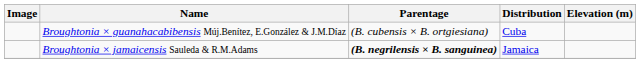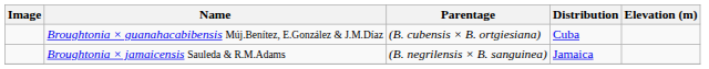 <table class="wikitable">
 <tr>
 <th>Image</th>
 <th>Name</th>
 <th>Parentage</th>
 <th>Distribution</th>
 <th>Elevation (m)</th>
 </tr>
 <tr>
 <td></td>
 <td><em><a href='#'>Broughtonia × guanahacabibensis</a></em> <small>Múj.Benítez, E.González & J.M.Díaz</small></td>
 <td><em>(B. cubensis × B. ortgiesiana)</em></td>
 <td><a href='#'>Cuba</a></td>
 <td></td>
 </tr>
 <tr>
 <td></td>
 <td><em><a href='#'>Broughtonia × jamaicensis</a></em> <small>Sauleda & R.M.Adams</small></td>
-<td><strong><em>(B. negrilensis × B. sanguinea)</em></strong></td>
+<td><em>(B. negrilensis × B. sanguinea)</em></td>
 <td><a href='#'>Jamaica</a></td>
 <td></td>
 </tr>
 <tr>
 </tr>
 </table>
